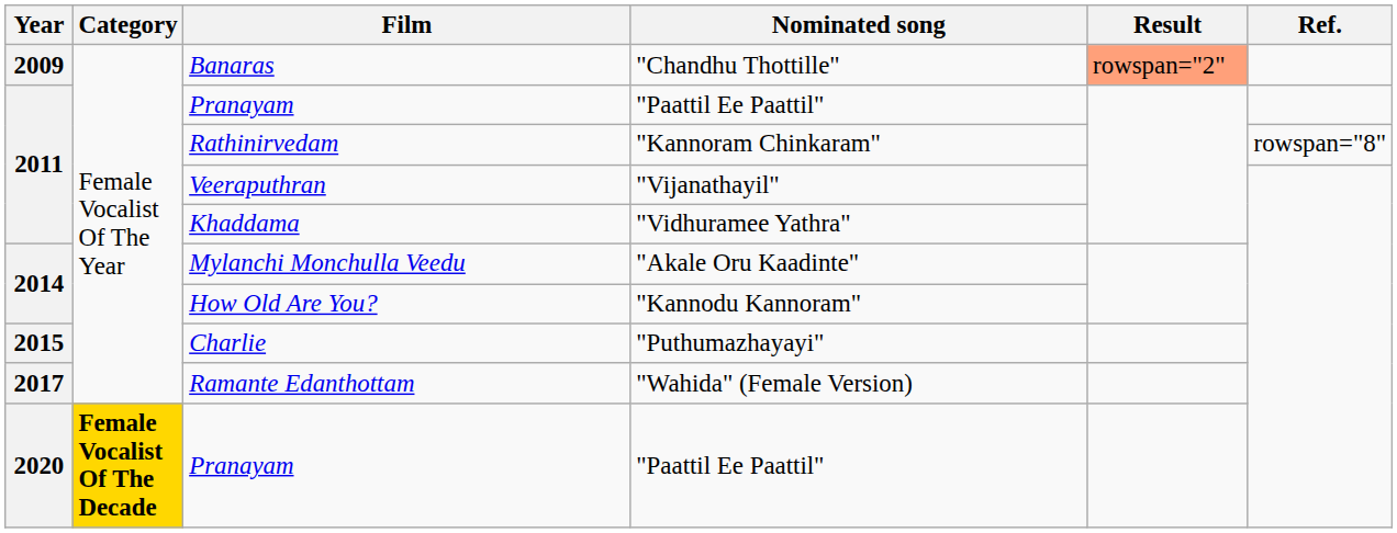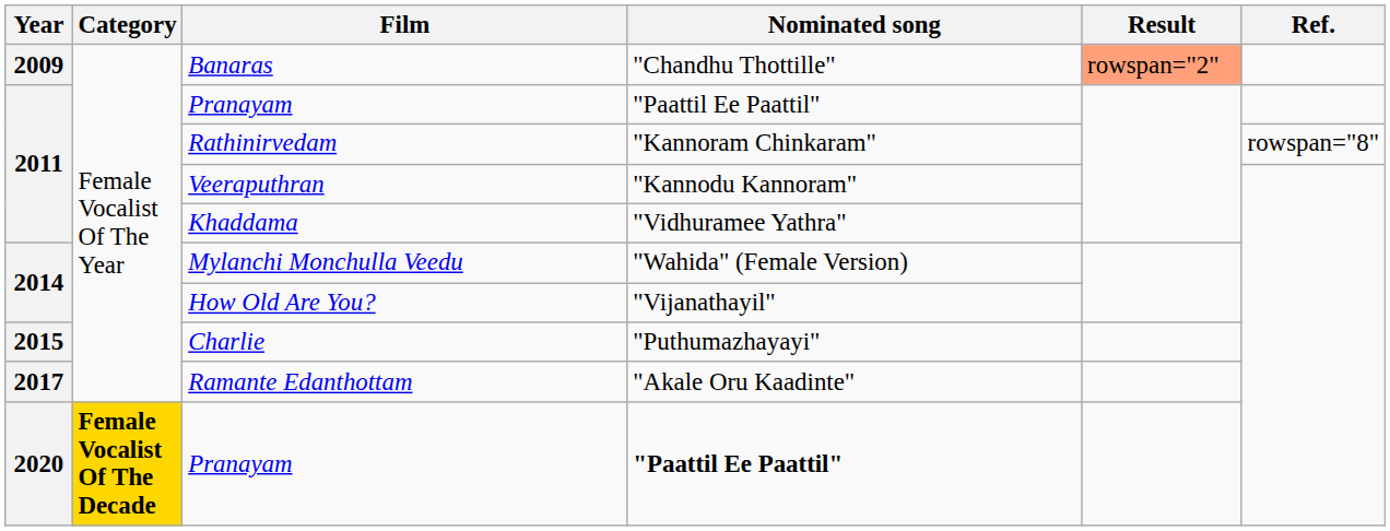 <table class="wikitable plainrowheaders" width="100%" textcolor:#000;">
 <tr>
 <th scope="col" width=5%><strong>Year</strong></th>
 <th scope="col" width=5%><strong>Category</strong></th>
 <th scope="col" width=39%><strong>Film</strong></th>
 <th scope="col" width=39%><strong>Nominated song</strong></th>
 <th scope="col" width=15%><strong>Result</strong></th>
 <th scope="col" width=2%><strong>Ref.</strong></th>
 </tr>
 <tr>
 <th scope="row">2009</th>
 <td rowspan="9">Female Vocalist Of The Year</td>
 <td><em><a href='#'>Banaras</a></em></td>
 <td>"Chandhu Thottille"</td>
 <td style="background: lightsalmon;">rowspan="2" </td>
 <td></td>
 </tr>
 <tr>
 <th scope="row" rowspan="4">2011</th>
 <td><em><a href='#'>Pranayam</a></em></td>
 <td>"Paattil Ee Paattil"</td>
 <td rowspan="4"></td>
 </tr>
 <tr>
 <td><em><a href='#'>Rathinirvedam</a></em></td>
 <td>"Kannoram Chinkaram"</td>
 <td>rowspan="8" </td>
 </tr>
 <tr>
 <td><em><a href='#'>Veeraputhran</a></em></td>
-<td>"Vijanathayil"</td>
+<td>"Kannodu Kannoram"</td>
 </tr>
 <tr>
 <td><em><a href='#'>Khaddama</a></em></td>
 <td>"Vidhuramee Yathra"</td>
 </tr>
 <tr>
 <th scope="row" rowspan="2">2014</th>
 <td><em><a href='#'>Mylanchi Monchulla Veedu</a></em></td>
-<td>"Akale Oru Kaadinte"</td>
+<td>"Wahida" (Female Version)</td>
 <td rowspan="2"></td>
 </tr>
 <tr>
 <td><em><a href='#'>How Old Are You?</a></em></td>
-<td>"Kannodu Kannoram"</td>
+<td>"Vijanathayil"</td>
 </tr>
 <tr>
 <th scope="row">2015</th>
 <td><a href='#'><em>Charlie</em></a></td>
 <td>"Puthumazhayayi"</td>
 <td></td>
 </tr>
 <tr>
 <th scope="row">2017</th>
 <td><em><a href='#'>Ramante Edanthottam</a></em></td>
-<td>"Wahida" (Female Version)</td>
+<td>"Akale Oru Kaadinte"</td>
 <td></td>
 </tr>
 <tr>
 <th scope="row">2020</th>
 <td style="background: gold;"><strong>Female Vocalist Of The Decade</strong></td>
 <td><em><a href='#'>Pranayam</a></em></td>
-<td>"Paattil Ee Paattil"</td>
+<td><strong>"Paattil Ee Paattil"</strong></td>
 <td></td>
 </tr>
 </table>
